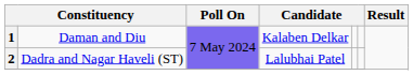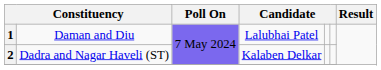 <table class="wikitable" style="text-align:center;">
 <tr>
 <th colspan="2">Constituency</th>
 <th>Poll On</th>
 <th colspan="3">Candidate</th>
 <th>Result</th>
 </tr>
 <tr>
 <th>1</th>
 <td><a href='#'>Daman and Diu</a></td>
 <td rowspan="2" bgcolor=#7B68EE>7 May 2024</td>
-<td><a href='#'>Kalaben Delkar</a></td>
+<td><a href='#'>Lalubhai Patel</a></td>
 <td></td>
 <td></td>
 </tr>
 <tr>
 <th>2</th>
 <td><a href='#'>Dadra and Nagar Haveli</a> (ST)</td>
-<td><a href='#'>Lalubhai Patel</a></td>
+<td><a href='#'>Kalaben Delkar</a></td>
 <td></td>
 <td></td>
 </tr>
 <tr>
 </tr>
 </table>
